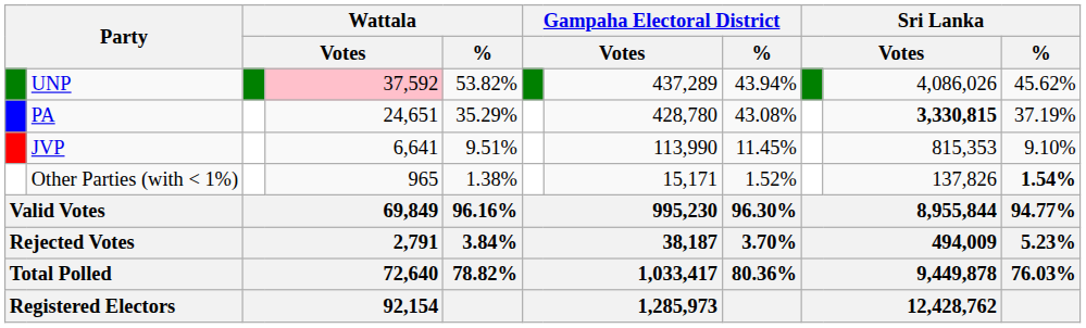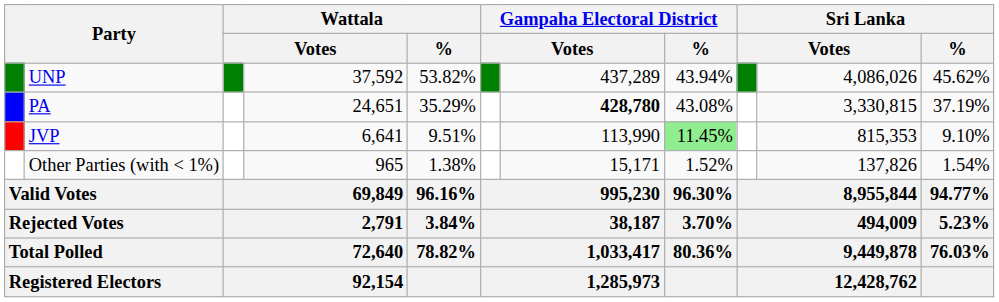 <table class="wikitable">
 <tr>
 <th colspan="2" width="144px"rowspan="2">Party</th>
 <th colspan="3" width="216px">Wattala</th>
 <th colspan="3" width="216px"><a href='#'>Gampaha Electoral District</a></th>
 <th colspan="3" width="216px">Sri Lanka</th>
 </tr>
 <tr>
 <th colspan="2" width="144px">Votes</th>
 <th>%</th>
 <th colspan="2" width="144px">Votes</th>
 <th>%</th>
 <th colspan="2" width="144px">Votes</th>
 <th>%</th>
 </tr>
 <tr>
 <td style="background-color:green;" width="10px"></td>
 <td style="text-align:left;"><a href='#'>UNP</a></td>
 <td style="background-color:green;" width="10px"></td>
-<td style="background: pink; text-align:right;">37,592</td>
+<td style="text-align:right;">37,592</td>
 <td style="text-align:right;">53.82%</td>
 <td style="background-color:green;" width="10px"></td>
 <td style="text-align:right;">437,289</td>
 <td style="text-align:right;">43.94%</td>
 <td style="background-color:green;" width="10px"></td>
 <td style="text-align:right;">4,086,026</td>
 <td style="text-align:right;">45.62%</td>
 </tr>
 <tr>
 <td style="background-color:blue;" width="10px"></td>
 <td style="text-align:left;"><a href='#'>PA</a></td>
 <td style="background-color:white;" width="10px"></td>
 <td style="text-align:right;">24,651</td>
 <td style="text-align:right;">35.29%</td>
 <td style="background-color:white;" width="10px"></td>
-<td style="text-align:right;">428,780</td>
+<td style="text-align:right;"><strong>428,780</strong></td>
 <td style="text-align:right;">43.08%</td>
 <td style="background-color:white;" width="10px"></td>
-<td style="text-align:right;"><strong>3,330,815</strong></td>
+<td style="text-align:right;">3,330,815</td>
 <td style="text-align:right;">37.19%</td>
 </tr>
 <tr>
 <td style="background-color:red;" width="10px"></td>
 <td style="text-align:left;"><a href='#'>JVP</a></td>
 <td style="background-color:white;" width="10px"></td>
 <td style="text-align:right;">6,641</td>
 <td style="text-align:right;">9.51%</td>
 <td style="background-color:white;" width="10px"></td>
 <td style="text-align:right;">113,990</td>
-<td style="text-align:right;">11.45%</td>
+<td style="background: lightgreen; text-align:right;">11.45%</td>
 <td style="background-color:white;" width="10px"></td>
 <td style="text-align:right;">815,353</td>
 <td style="text-align:right;">9.10%</td>
 </tr>
 <tr>
 <td style="background-color:white;" width="10px"></td>
 <td style="text-align:left;">Other Parties (with < 1%)</td>
 <td style="background-color:white;" width="10px"></td>
 <td style="text-align:right;">965</td>
 <td style="text-align:right;">1.38%</td>
 <td style="background-color:white;" width="10px"></td>
 <td style="text-align:right;">15,171</td>
 <td style="text-align:right;">1.52%</td>
 <td style="background-color:white;" width="10px"></td>
 <td style="text-align:right;">137,826</td>
-<td style="text-align:right;"><strong>1.54%</strong></td>
+<td style="text-align:right;">1.54%</td>
 </tr>
 <tr>
 <th colspan="2" width="144px"style="text-align:left;">Valid Votes</th>
 <th style="text-align:right;"colspan="2" width="144px">69,849</th>
 <th style="text-align:right;">96.16%</th>
 <th style="text-align:right;"colspan="2" width="144px">995,230</th>
 <th style="text-align:right;">96.30%</th>
 <th style="text-align:right;"colspan="2" width="144px">8,955,844</th>
 <th style="text-align:right;">94.77%</th>
 </tr>
 <tr>
 <th colspan="2" width="144px"style="text-align:left;">Rejected Votes</th>
 <th style="text-align:right;"colspan="2" width="144px">2,791</th>
 <th style="text-align:right;">3.84%</th>
 <th style="text-align:right;"colspan="2" width="144px">38,187</th>
 <th style="text-align:right;">3.70%</th>
 <th style="text-align:right;"colspan="2" width="144px">494,009</th>
 <th style="text-align:right;">5.23%</th>
 </tr>
 <tr>
 <th colspan="2" width="144px"style="text-align:left;">Total Polled</th>
 <th style="text-align:right;"colspan="2" width="144px">72,640</th>
 <th style="text-align:right;">78.82%</th>
 <th style="text-align:right;"colspan="2" width="144px">1,033,417</th>
 <th style="text-align:right;">80.36%</th>
 <th style="text-align:right;"colspan="2" width="144px">9,449,878</th>
 <th style="text-align:right;">76.03%</th>
 </tr>
 <tr>
 <th colspan="2" width="144px"style="text-align:left;">Registered Electors</th>
 <th style="text-align:right;"colspan="2" width="144px">92,154</th>
 <th></th>
 <th style="text-align:right;"colspan="2" width="144px">1,285,973</th>
 <th></th>
 <th style="text-align:right;"colspan="2" width="144px">12,428,762</th>
 <th></th>
 </tr>
 </table>
